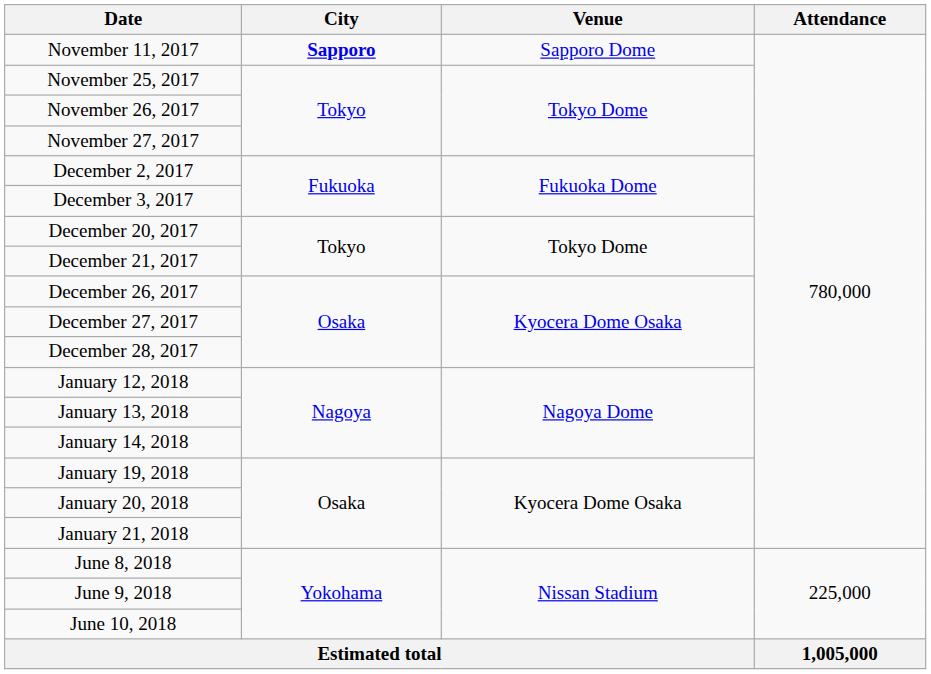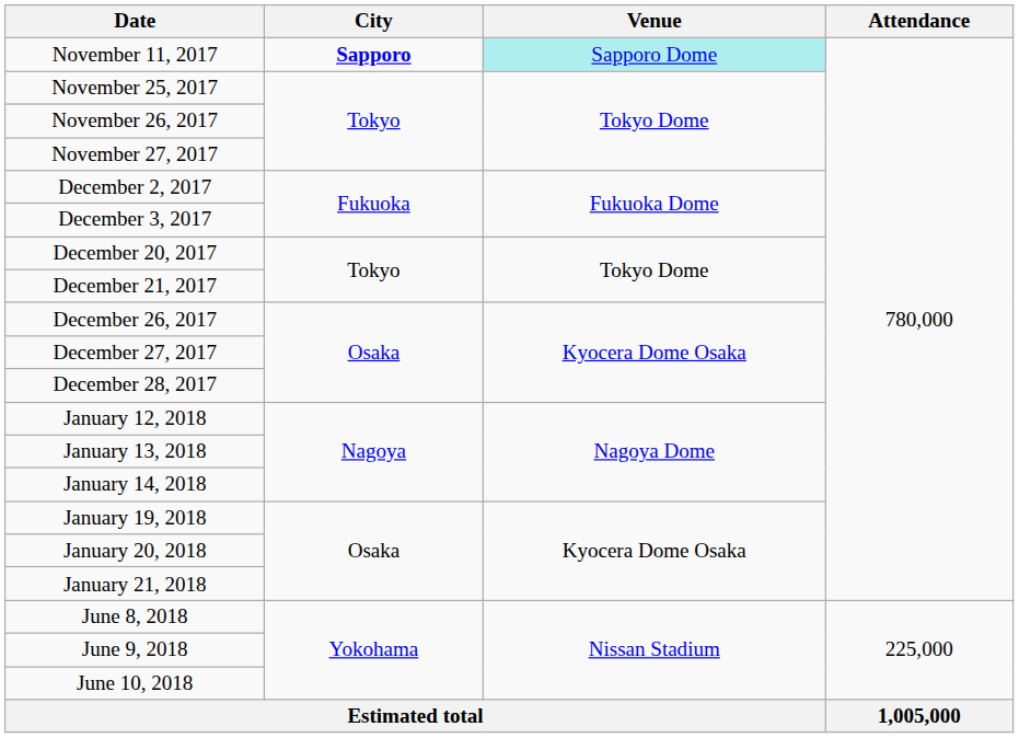 <table class="wikitable" style="text-align:center;">
 <tr>
 <th scope="col" style="width:12em;">Date</th>
 <th scope="col" style="width:10em;">City</th>
 <th scope="col" style="width:16em;">Venue</th>
 <th scope="col" style="width:8.5em;">Attendance</th>
 </tr>
 <tr>
 <td>November 11, 2017</td>
 <td><strong><a href='#'>Sapporo</a></strong></td>
-<td><a href='#'>Sapporo Dome</a></td>
+<td style="background: paleturquoise;"><a href='#'>Sapporo Dome</a></td>
 <td rowspan=17>780,000</td>
 </tr>
 <tr>
 <td>November 25, 2017</td>
 <td rowspan=3><a href='#'>Tokyo</a></td>
 <td rowspan=3><a href='#'>Tokyo Dome</a></td>
 </tr>
 <tr>
 <td>November 26, 2017</td>
 </tr>
 <tr>
 <td>November 27, 2017</td>
 </tr>
 <tr>
 <td>December 2, 2017</td>
 <td rowspan=2><a href='#'>Fukuoka</a></td>
 <td rowspan=2><a href='#'>Fukuoka Dome</a></td>
 </tr>
 <tr>
 <td>December 3, 2017</td>
 </tr>
 <tr>
 <td>December 20, 2017</td>
 <td rowspan=2>Tokyo</td>
 <td rowspan=2>Tokyo Dome</td>
 </tr>
 <tr>
 <td>December 21, 2017</td>
 </tr>
 <tr>
 <td>December 26, 2017</td>
 <td rowspan=3><a href='#'>Osaka</a></td>
 <td rowspan=3><a href='#'>Kyocera Dome Osaka</a></td>
 </tr>
 <tr>
 <td>December 27, 2017</td>
 </tr>
 <tr>
 <td>December 28, 2017</td>
 </tr>
 <tr>
 <td>January 12, 2018</td>
 <td rowspan=3><a href='#'>Nagoya</a></td>
 <td rowspan=3><a href='#'>Nagoya Dome</a></td>
 </tr>
 <tr>
 <td>January 13, 2018</td>
 </tr>
 <tr>
 <td>January 14, 2018</td>
 </tr>
 <tr>
 <td>January 19, 2018</td>
 <td rowspan=3>Osaka</td>
 <td rowspan=3>Kyocera Dome Osaka</td>
 </tr>
 <tr>
 <td>January 20, 2018</td>
 </tr>
 <tr>
 <td>January 21, 2018</td>
 </tr>
 <tr>
 <td>June 8, 2018</td>
 <td rowspan=3><a href='#'>Yokohama</a></td>
 <td rowspan=3><a href='#'>Nissan Stadium</a></td>
 <td rowspan="3">225,000</td>
 </tr>
 <tr>
 <td>June 9, 2018</td>
 </tr>
 <tr>
 <td>June 10, 2018</td>
 </tr>
 <tr>
 <th colspan=3><strong>Estimated total</strong></th>
 <th><strong>1,005,000</strong></th>
 </tr>
 </table>
